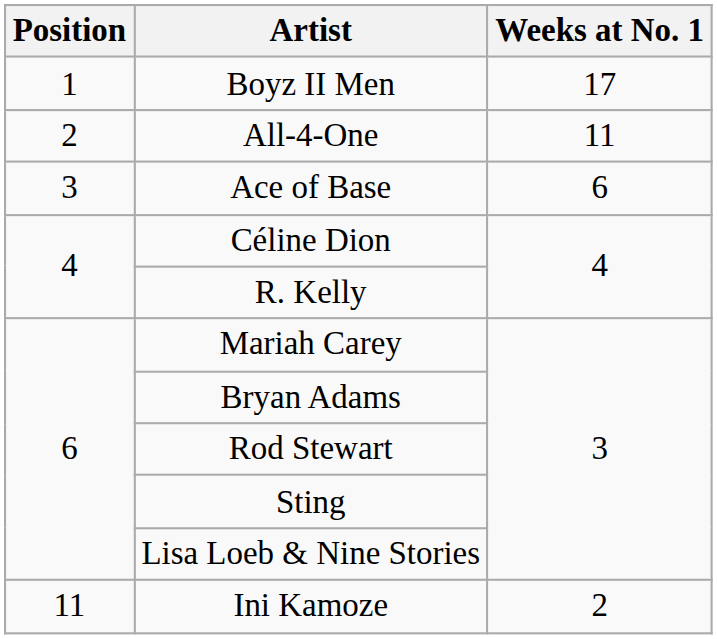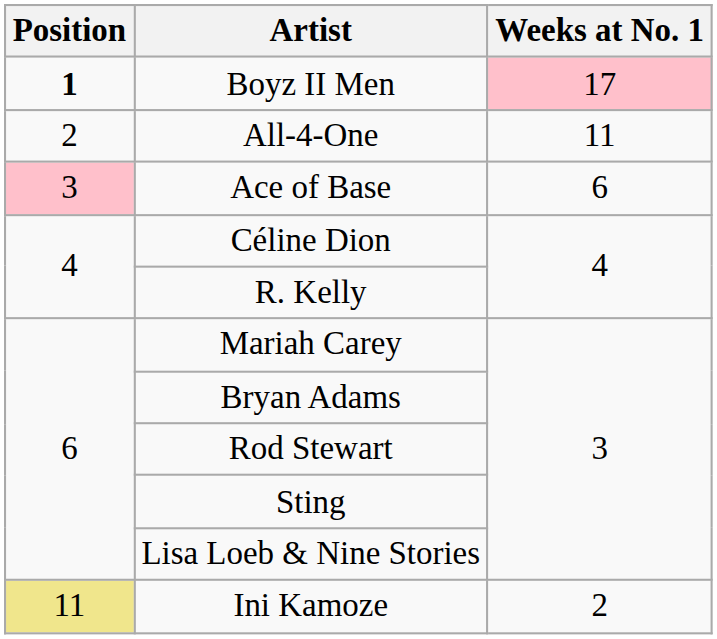 <table class="wikitable plainrowheaders" style="text-align:center;">
 <tr>
 <th>Position</th>
 <th>Artist</th>
 <th>Weeks at No. 1</th>
 </tr>
 <tr>
-<td>1</td>
+<td><strong>1</strong></td>
 <td>Boyz II Men</td>
-<td>17</td>
+<td style="background: pink;">17</td>
 </tr>
 <tr>
 <td>2</td>
 <td>All-4-One</td>
 <td>11</td>
 </tr>
 <tr>
-<td>3</td>
+<td style="background: pink;">3</td>
 <td>Ace of Base</td>
 <td>6</td>
 </tr>
 <tr>
 <td rowspan=2>4</td>
 <td>Céline Dion</td>
 <td rowspan=2>4</td>
 </tr>
 <tr>
 <td>R. Kelly</td>
 </tr>
 <tr>
 <td rowspan=5>6</td>
 <td>Mariah Carey</td>
 <td rowspan=5>3</td>
 </tr>
 <tr>
 <td>Bryan Adams</td>
 </tr>
 <tr>
 <td>Rod Stewart</td>
 </tr>
 <tr>
 <td>Sting</td>
 </tr>
 <tr>
 <td>Lisa Loeb & Nine Stories</td>
 </tr>
 <tr>
-<td>11</td>
+<td style="background: khaki;">11</td>
 <td>Ini Kamoze</td>
 <td>2</td>
 </tr>
 </table>
